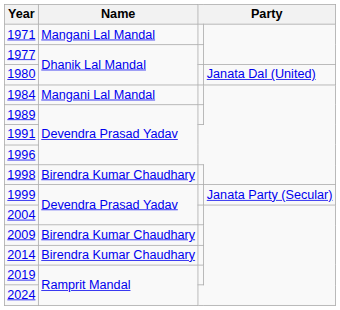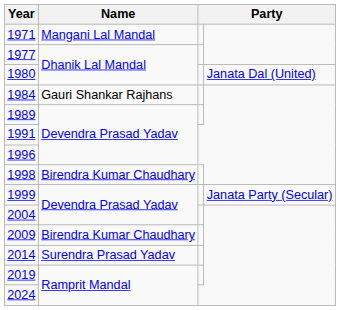 <table class="wikitable">
 <tr>
 <th>Year</th>
 <th>Name</th>
 <th colspan="2">Party</th>
 </tr>
 <tr>
 <td><a href='#'>1971</a></td>
 <td><a href='#'>Mangani Lal Mandal</a></td>
 <td></td>
 </tr>
 <tr>
 <td><a href='#'>1977</a></td>
 <td rowspan="2"><a href='#'>Dhanik Lal Mandal</a></td>
 <td></td>
 </tr>
 <tr>
 <td><a href='#'>1980</a></td>
 <td style="background-color: "></td>
 <td><a href='#'>Janata Dal (United)</a></td>
 </tr>
 <tr>
 <td><a href='#'>1984</a></td>
-<td><a href='#'>Mangani Lal Mandal</a></td>
+<td>Gauri Shankar Rajhans</td>
 <td></td>
 </tr>
 <tr>
 <td><a href='#'>1989</a></td>
 <td rowspan="3"><a href='#'>Devendra Prasad Yadav</a></td>
 <td></td>
 </tr>
 <tr>
 <td><a href='#'>1991</a></td>
 </tr>
 <tr>
 <td><a href='#'>1996</a></td>
 </tr>
 <tr>
 <td><a href='#'>1998</a></td>
 <td><a href='#'>Birendra Kumar Chaudhary</a></td>
 <td></td>
 </tr>
 <tr>
 <td><a href='#'>1999</a></td>
 <td rowspan="2"><a href='#'>Devendra Prasad Yadav</a></td>
 <td style="background-color: "></td>
 <td><a href='#'>Janata Party (Secular)</a></td>
 </tr>
 <tr>
 <td><a href='#'>2004</a></td>
 <td></td>
 </tr>
 <tr>
 <td><a href='#'>2009</a></td>
 <td><a href='#'>Birendra Kumar Chaudhary</a></td>
 <td></td>
 </tr>
 <tr>
 <td><a href='#'>2014</a></td>
-<td><a href='#'>Birendra Kumar Chaudhary</a></td>
+<td><a href='#'>Surendra Prasad Yadav</a></td>
 <td></td>
 </tr>
 <tr>
 <td><a href='#'>2019</a></td>
 <td rowspan="2"><a href='#'>Ramprit Mandal</a></td>
 <td></td>
 </tr>
 <tr>
 <td><a href='#'>2024</a></td>
 </tr>
 </table>
